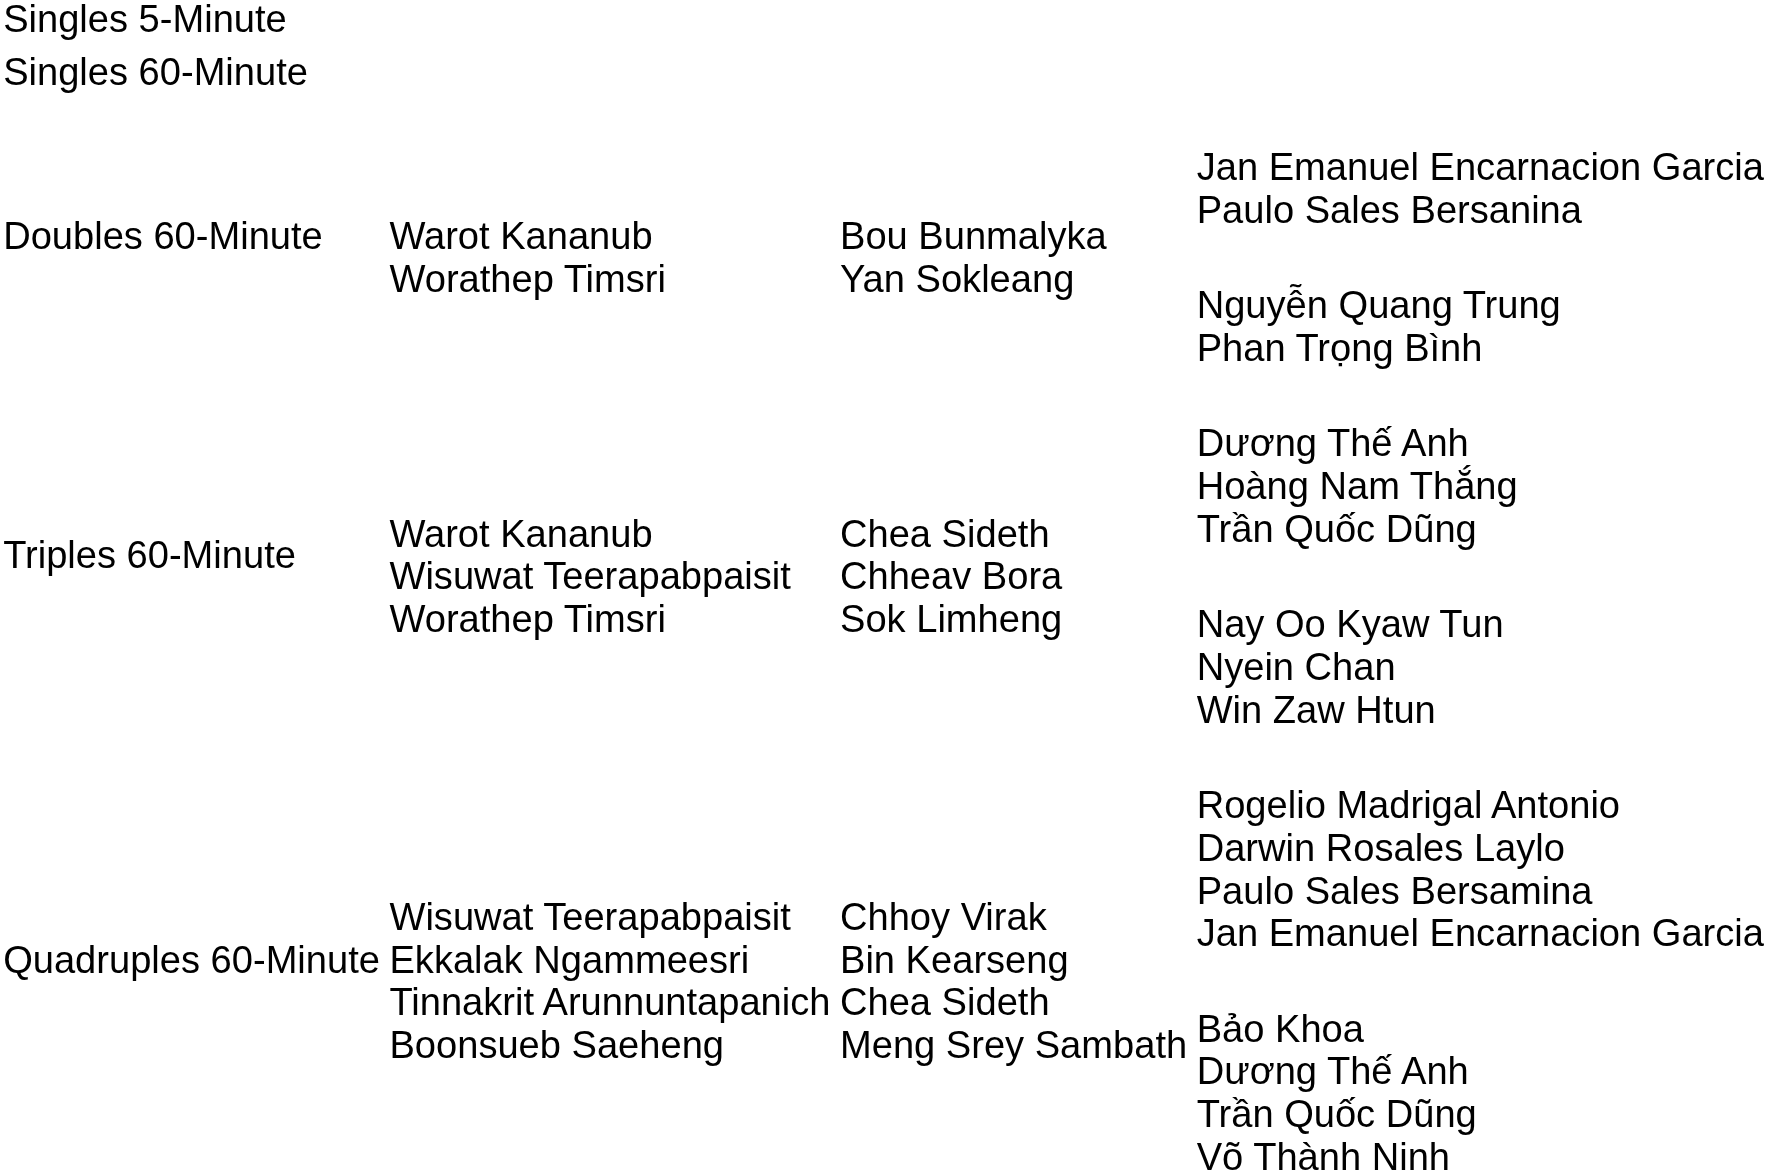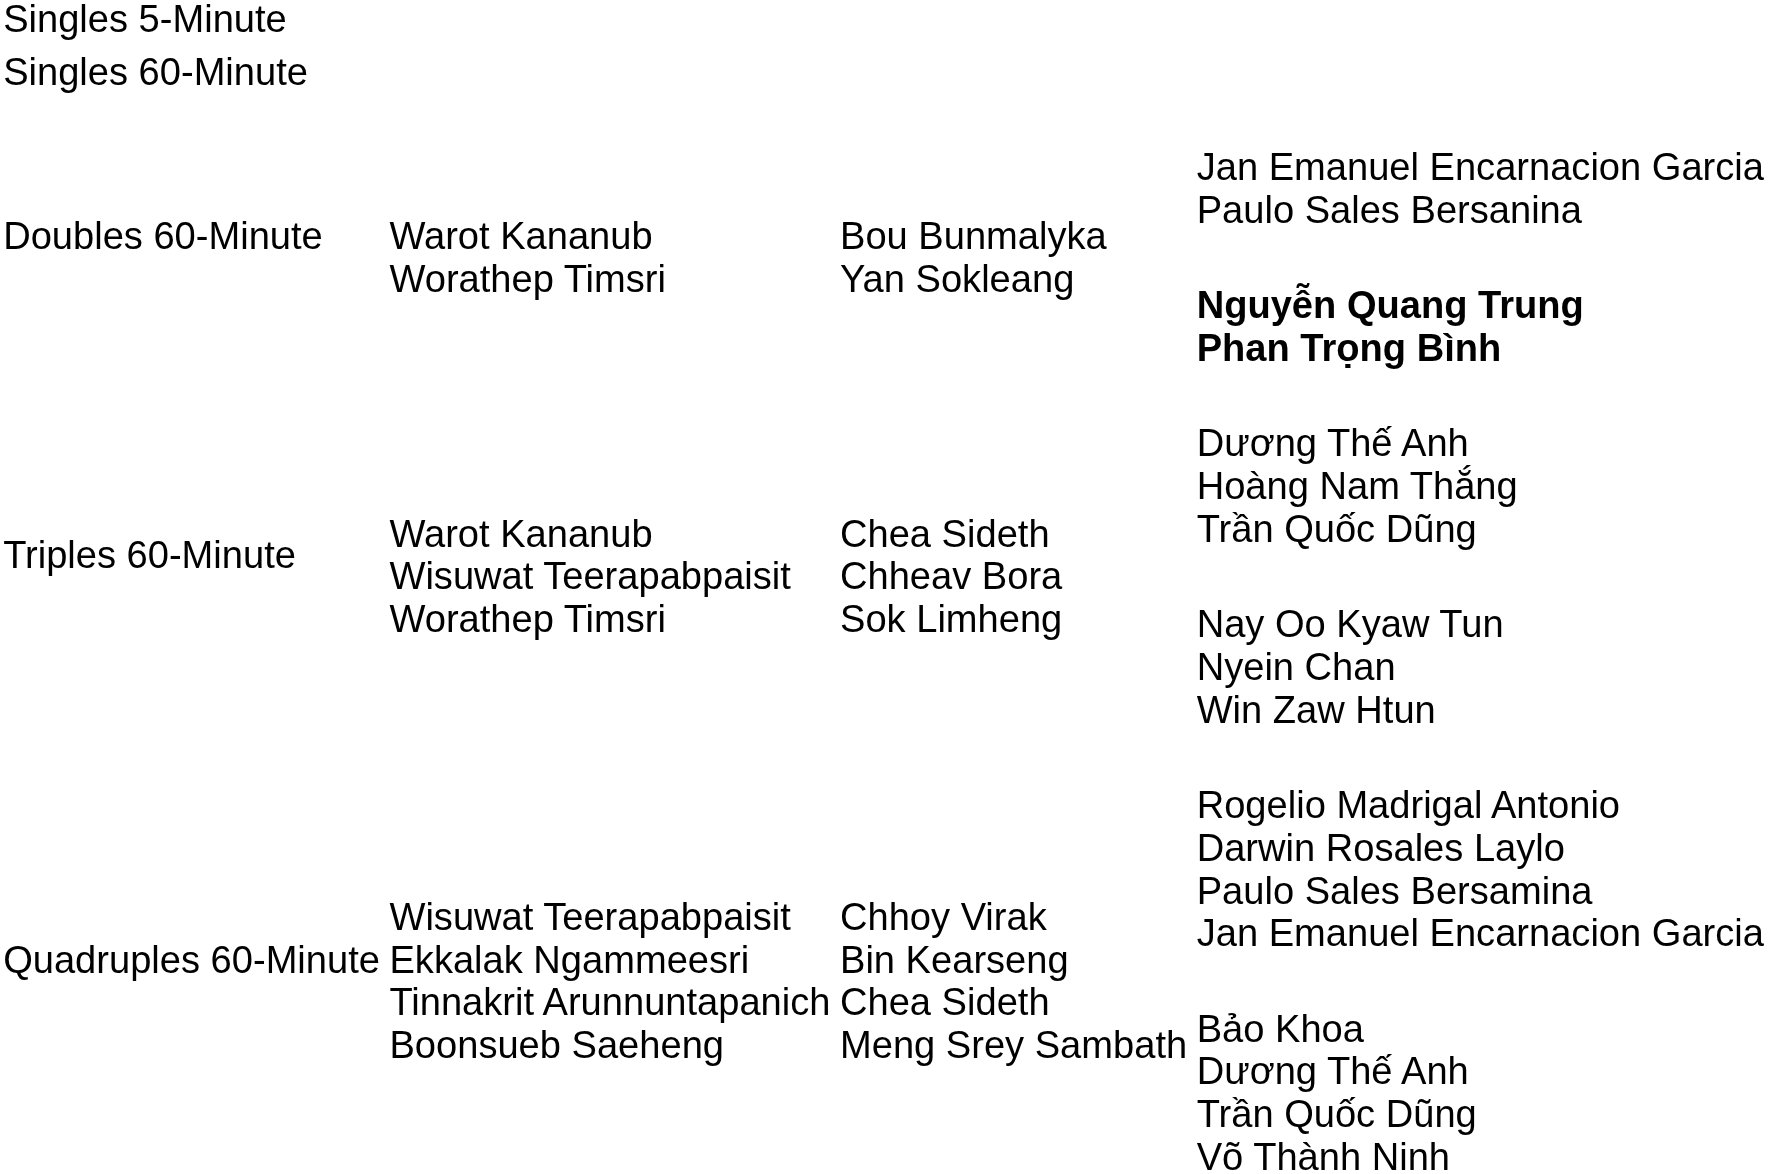 <table>
 <tr>
 <td rowspan=2>Singles 5-Minute</td>
 <td rowspan=2></td>
 <td rowspan=2></td>
 <td></td>
 </tr>
 <tr>
 <td></td>
 </tr>
 <tr>
 <td rowspan=2>Singles 60-Minute</td>
 <td rowspan=2></td>
 <td rowspan=2></td>
 <td></td>
 </tr>
 <tr>
 <td></td>
 </tr>
 <tr>
 <td rowspan=2>Doubles 60-Minute</td>
 <td rowspan=2><br>Warot Kananub<br>Worathep Timsri</td>
 <td rowspan=2><br>Bou Bunmalyka<br>Yan Sokleang</td>
 <td><br>Jan Emanuel Encarnacion Garcia<br>Paulo Sales Bersanina</td>
 </tr>
 <tr>
-<td><br>Nguyễn Quang Trung<br>Phan Trọng Bình</td>
+<td><strong><br>Nguyễn Quang Trung<br>Phan Trọng Bình</strong></td>
 </tr>
 <tr>
 <td rowspan=2>Triples 60-Minute</td>
 <td rowspan=2><br>Warot Kananub<br>Wisuwat Teerapabpaisit<br>Worathep Timsri</td>
 <td rowspan=2><br>Chea Sideth<br>Chheav Bora<br>Sok Limheng</td>
 <td><br>Dương Thế Anh<br>Hoàng Nam Thắng<br>Trần Quốc Dũng</td>
 </tr>
 <tr>
 <td><br>Nay Oo Kyaw Tun<br>Nyein Chan<br>Win Zaw Htun</td>
 </tr>
 <tr>
 <td rowspan=2>Quadruples 60-Minute</td>
 <td rowspan=2><br>Wisuwat Teerapabpaisit<br>Ekkalak Ngammeesri<br>Tinnakrit Arunnuntapanich<br>Boonsueb Saeheng</td>
 <td rowspan=2><br>Chhoy Virak<br>Bin Kearseng<br>Chea Sideth<br>Meng Srey Sambath</td>
 <td nowrap><br>Rogelio Madrigal Antonio<br>Darwin Rosales Laylo<br>Paulo Sales Bersamina<br>Jan Emanuel Encarnacion Garcia</td>
 </tr>
 <tr>
 <td><br>Bảo Khoa<br>Dương Thế Anh<br>Trần Quốc Dũng<br>Võ Thành Ninh</td>
 </tr>
 </table>
